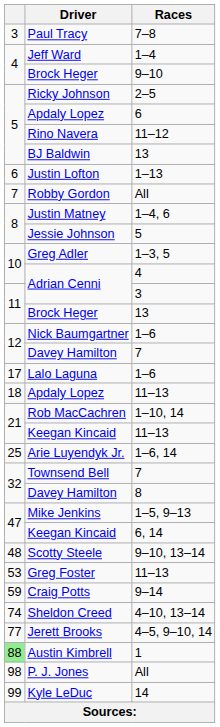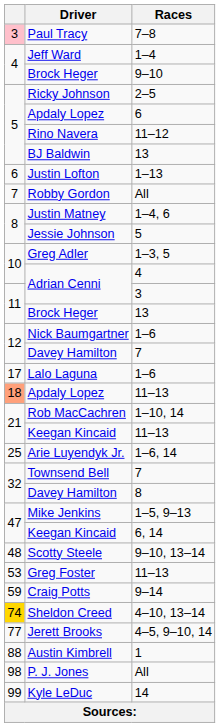 <table class="wikitable" style="font-size: 85%">
 <tr>
 <th></th>
 <th>Driver</th>
 <th>Races</th>
 </tr>
 <tr>
-<td align=center>3</td>
+<td align=center style="background: pink;">3</td>
 <td> <a href='#'>Paul Tracy</a></td>
 <td>7–8</td>
 </tr>
 <tr>
 <td align=center rowspan=2>4</td>
 <td> <a href='#'>Jeff Ward</a></td>
 <td>1–4</td>
 </tr>
 <tr>
 <td> <a href='#'>Brock Heger</a></td>
 <td>9–10</td>
 </tr>
 <tr>
 <td align=center rowspan=4>5</td>
 <td> <a href='#'>Ricky Johnson</a></td>
 <td>2–5</td>
 </tr>
 <tr>
 <td> <a href='#'>Apdaly Lopez</a></td>
 <td>6</td>
 </tr>
 <tr>
 <td> <a href='#'>Rino Navera</a></td>
 <td>11–12</td>
 </tr>
 <tr>
 <td> <a href='#'>BJ Baldwin</a></td>
 <td>13</td>
 </tr>
 <tr>
 <td align=center>6</td>
 <td> <a href='#'>Justin Lofton</a></td>
 <td>1–13</td>
 </tr>
 <tr>
 <td align=center>7</td>
 <td> <a href='#'>Robby Gordon</a></td>
 <td>All</td>
 </tr>
 <tr>
 <td align=center rowspan=2>8</td>
 <td> <a href='#'>Justin Matney</a></td>
 <td>1–4, 6</td>
 </tr>
 <tr>
 <td> <a href='#'>Jessie Johnson</a></td>
 <td>5</td>
 </tr>
 <tr>
 <td align=center rowspan=2>10</td>
 <td> <a href='#'>Greg Adler</a></td>
 <td>1–3, 5</td>
 </tr>
 <tr>
 <td rowspan=2> <a href='#'>Adrian Cenni</a></td>
 <td>4</td>
 </tr>
 <tr>
 <td align=center rowspan=2>11</td>
 <td>3</td>
 </tr>
 <tr>
 <td> <a href='#'>Brock Heger</a></td>
 <td>13</td>
 </tr>
 <tr>
 <td align=center rowspan=2>12</td>
 <td> <a href='#'>Nick Baumgartner</a></td>
 <td>1–6</td>
 </tr>
 <tr>
 <td> <a href='#'>Davey Hamilton</a></td>
 <td>7</td>
 </tr>
 <tr>
 <td align=center>17</td>
 <td> <a href='#'>Lalo Laguna</a></td>
 <td>1–6</td>
 </tr>
 <tr>
-<td align=center>18</td>
+<td align=center style="background: lightsalmon;">18</td>
 <td> <a href='#'>Apdaly Lopez</a></td>
 <td>11–13</td>
 </tr>
 <tr>
 <td align=center rowspan=2>21</td>
 <td> <a href='#'>Rob MacCachren</a></td>
 <td>1–10, 14</td>
 </tr>
 <tr>
 <td> <a href='#'>Keegan Kincaid</a></td>
 <td>11–13</td>
 </tr>
 <tr>
 <td align=center>25</td>
 <td> <a href='#'>Arie Luyendyk Jr.</a></td>
 <td>1–6, 14</td>
 </tr>
 <tr>
 <td align=center rowspan=2>32</td>
 <td> <a href='#'>Townsend Bell</a></td>
 <td>7</td>
 </tr>
 <tr>
 <td> <a href='#'>Davey Hamilton</a></td>
 <td>8</td>
 </tr>
 <tr>
 <td align=center rowspan=2>47</td>
 <td> <a href='#'>Mike Jenkins</a></td>
 <td>1–5, 9–13</td>
 </tr>
 <tr>
 <td> <a href='#'>Keegan Kincaid</a></td>
 <td>6, 14</td>
 </tr>
 <tr>
 <td align=center>48</td>
 <td> <a href='#'>Scotty Steele</a></td>
 <td>9–10, 13–14</td>
 </tr>
 <tr>
 <td align=center>53</td>
 <td> <a href='#'>Greg Foster</a></td>
 <td>11–13</td>
 </tr>
 <tr>
 <td align=center>59</td>
 <td> <a href='#'>Craig Potts</a></td>
 <td>9–14</td>
 </tr>
 <tr>
-<td align=center>74</td>
+<td align=center style="background: gold;">74</td>
 <td> <a href='#'>Sheldon Creed</a></td>
 <td>4–10, 13–14</td>
 </tr>
 <tr>
 <td align=center>77</td>
 <td> <a href='#'>Jerett Brooks</a></td>
 <td>4–5, 9–10, 14</td>
 </tr>
 <tr>
-<td align=center style="background: lightgreen;">88</td>
+<td align=center>88</td>
 <td> <a href='#'>Austin Kimbrell</a></td>
 <td>1</td>
 </tr>
 <tr>
 <td align=center>98</td>
 <td> <a href='#'>P. J. Jones</a></td>
 <td>All</td>
 </tr>
 <tr>
 <td align=center>99</td>
 <td> <a href='#'>Kyle LeDuc</a></td>
 <td>14</td>
 </tr>
 <tr>
 <th colspan=3>Sources:</th>
 </tr>
 </table>
